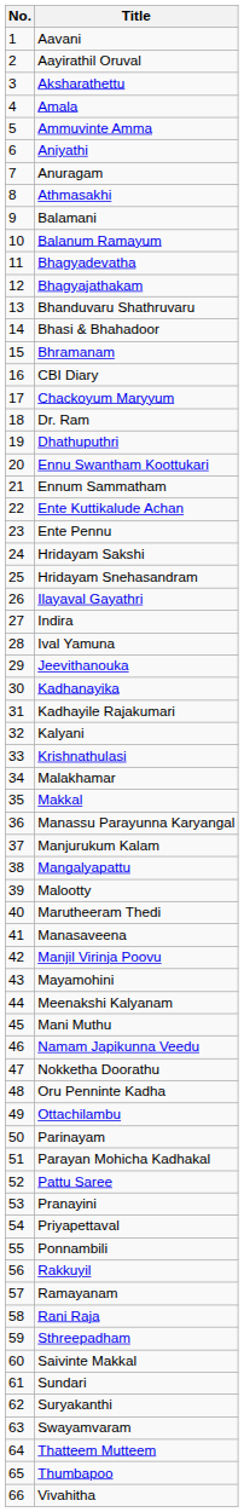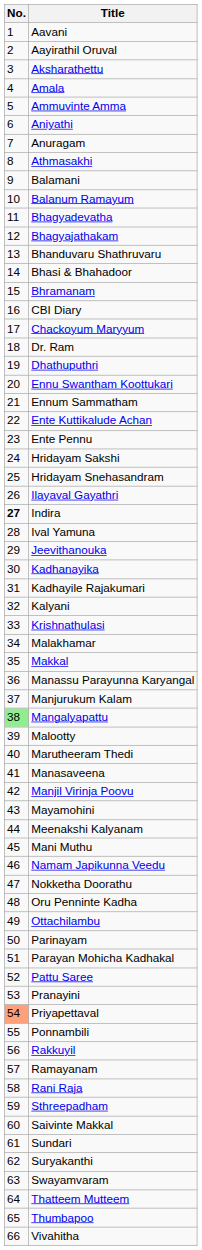 <table class="wikitable">
 <tr>
 <th>No.</th>
 <th>Title</th>
 </tr>
 <tr>
 <td>1</td>
 <td>Aavani</td>
 </tr>
 <tr>
 <td>2</td>
 <td>Aayirathil Oruval</td>
 </tr>
 <tr>
 <td>3</td>
 <td><a href='#'>Aksharathettu</a></td>
 </tr>
 <tr>
 <td>4</td>
 <td><a href='#'>Amala</a></td>
 </tr>
 <tr>
 <td>5</td>
 <td><a href='#'>Ammuvinte Amma</a></td>
 </tr>
 <tr>
 <td>6</td>
 <td><a href='#'>Aniyathi</a></td>
 </tr>
 <tr>
 <td>7</td>
 <td>Anuragam</td>
 </tr>
 <tr>
 <td>8</td>
 <td><a href='#'>Athmasakhi</a></td>
 </tr>
 <tr>
 <td>9</td>
 <td>Balamani</td>
 </tr>
 <tr>
 <td>10</td>
 <td><a href='#'>Balanum Ramayum</a></td>
 </tr>
 <tr>
 <td>11</td>
 <td><a href='#'>Bhagyadevatha</a></td>
 </tr>
 <tr>
 <td>12</td>
 <td><a href='#'>Bhagyajathakam</a></td>
 </tr>
 <tr>
 <td>13</td>
 <td>Bhanduvaru Shathruvaru</td>
 </tr>
 <tr>
 <td>14</td>
 <td>Bhasi & Bhahadoor</td>
 </tr>
 <tr>
 <td>15</td>
 <td><a href='#'>Bhramanam</a></td>
 </tr>
 <tr>
 <td>16</td>
 <td>CBI Diary</td>
 </tr>
 <tr>
 <td>17</td>
 <td><a href='#'>Chackoyum Maryyum</a></td>
 </tr>
 <tr>
 <td>18</td>
 <td>Dr. Ram</td>
 </tr>
 <tr>
 <td>19</td>
 <td><a href='#'>Dhathuputhri</a></td>
 </tr>
 <tr>
 <td>20</td>
 <td><a href='#'>Ennu Swantham Koottukari</a></td>
 </tr>
 <tr>
 <td>21</td>
 <td>Ennum Sammatham</td>
 </tr>
 <tr>
 <td>22</td>
 <td><a href='#'>Ente Kuttikalude Achan</a></td>
 </tr>
 <tr>
 <td>23</td>
 <td>Ente Pennu</td>
 </tr>
 <tr>
 <td>24</td>
 <td>Hridayam Sakshi</td>
 </tr>
 <tr>
 <td>25</td>
 <td>Hridayam Snehasandram</td>
 </tr>
 <tr>
 <td>26</td>
 <td><a href='#'>Ilayaval Gayathri</a></td>
 </tr>
 <tr>
-<td>27</td>
+<td><strong>27</strong></td>
 <td>Indira</td>
 </tr>
 <tr>
 <td>28</td>
 <td>Ival Yamuna</td>
 </tr>
 <tr>
 <td>29</td>
 <td><a href='#'>Jeevithanouka</a></td>
 </tr>
 <tr>
 <td>30</td>
 <td><a href='#'>Kadhanayika</a></td>
 </tr>
 <tr>
 <td>31</td>
 <td>Kadhayile Rajakumari</td>
 </tr>
 <tr>
 <td>32</td>
 <td>Kalyani</td>
 </tr>
 <tr>
 <td>33</td>
 <td><a href='#'>Krishnathulasi</a></td>
 </tr>
 <tr>
 <td>34</td>
 <td>Malakhamar</td>
 </tr>
 <tr>
 <td>35</td>
 <td><a href='#'>Makkal</a></td>
 </tr>
 <tr>
 <td>36</td>
 <td>Manassu Parayunna Karyangal</td>
 </tr>
 <tr>
 <td>37</td>
 <td>Manjurukum Kalam</td>
 </tr>
 <tr>
-<td>38</td>
+<td style="background: lightgreen;">38</td>
 <td><a href='#'>Mangalyapattu</a></td>
 </tr>
 <tr>
 <td>39</td>
 <td>Malootty</td>
 </tr>
 <tr>
 <td>40</td>
 <td>Marutheeram Thedi</td>
 </tr>
 <tr>
 <td>41</td>
 <td>Manasaveena</td>
 </tr>
 <tr>
 <td>42</td>
 <td><a href='#'>Manjil Virinja Poovu</a></td>
 </tr>
 <tr>
 <td>43</td>
 <td>Mayamohini</td>
 </tr>
 <tr>
 <td>44</td>
 <td>Meenakshi Kalyanam</td>
 </tr>
 <tr>
 <td>45</td>
 <td>Mani Muthu</td>
 </tr>
 <tr>
 <td>46</td>
 <td><a href='#'>Namam Japikunna Veedu</a></td>
 </tr>
 <tr>
 <td>47</td>
 <td>Nokketha Doorathu</td>
 </tr>
 <tr>
 <td>48</td>
 <td>Oru Penninte Kadha</td>
 </tr>
 <tr>
 <td>49</td>
 <td><a href='#'>Ottachilambu</a></td>
 </tr>
 <tr>
 <td>50</td>
 <td>Parinayam</td>
 </tr>
 <tr>
 <td>51</td>
 <td>Parayan Mohicha Kadhakal</td>
 </tr>
 <tr>
 <td>52</td>
 <td><a href='#'>Pattu Saree</a></td>
 </tr>
 <tr>
 <td>53</td>
 <td>Pranayini</td>
 </tr>
 <tr>
-<td>54</td>
+<td style="background: lightsalmon;">54</td>
 <td>Priyapettaval</td>
 </tr>
 <tr>
 <td>55</td>
 <td>Ponnambili</td>
 </tr>
 <tr>
 <td>56</td>
 <td><a href='#'>Rakkuyil</a></td>
 </tr>
 <tr>
 <td>57</td>
 <td>Ramayanam</td>
 </tr>
 <tr>
 <td>58</td>
 <td><a href='#'>Rani Raja</a></td>
 </tr>
 <tr>
 <td>59</td>
 <td><a href='#'>Sthreepadham</a></td>
 </tr>
 <tr>
 <td>60</td>
 <td>Saivinte Makkal</td>
 </tr>
 <tr>
 <td>61</td>
 <td>Sundari</td>
 </tr>
 <tr>
 <td>62</td>
 <td>Suryakanthi</td>
 </tr>
 <tr>
 <td>63</td>
 <td>Swayamvaram</td>
 </tr>
 <tr>
 <td>64</td>
 <td><a href='#'>Thatteem Mutteem</a></td>
 </tr>
 <tr>
 <td>65</td>
 <td><a href='#'>Thumbapoo</a></td>
 </tr>
 <tr>
 <td>66</td>
 <td>Vivahitha</td>
 </tr>
 </table>
